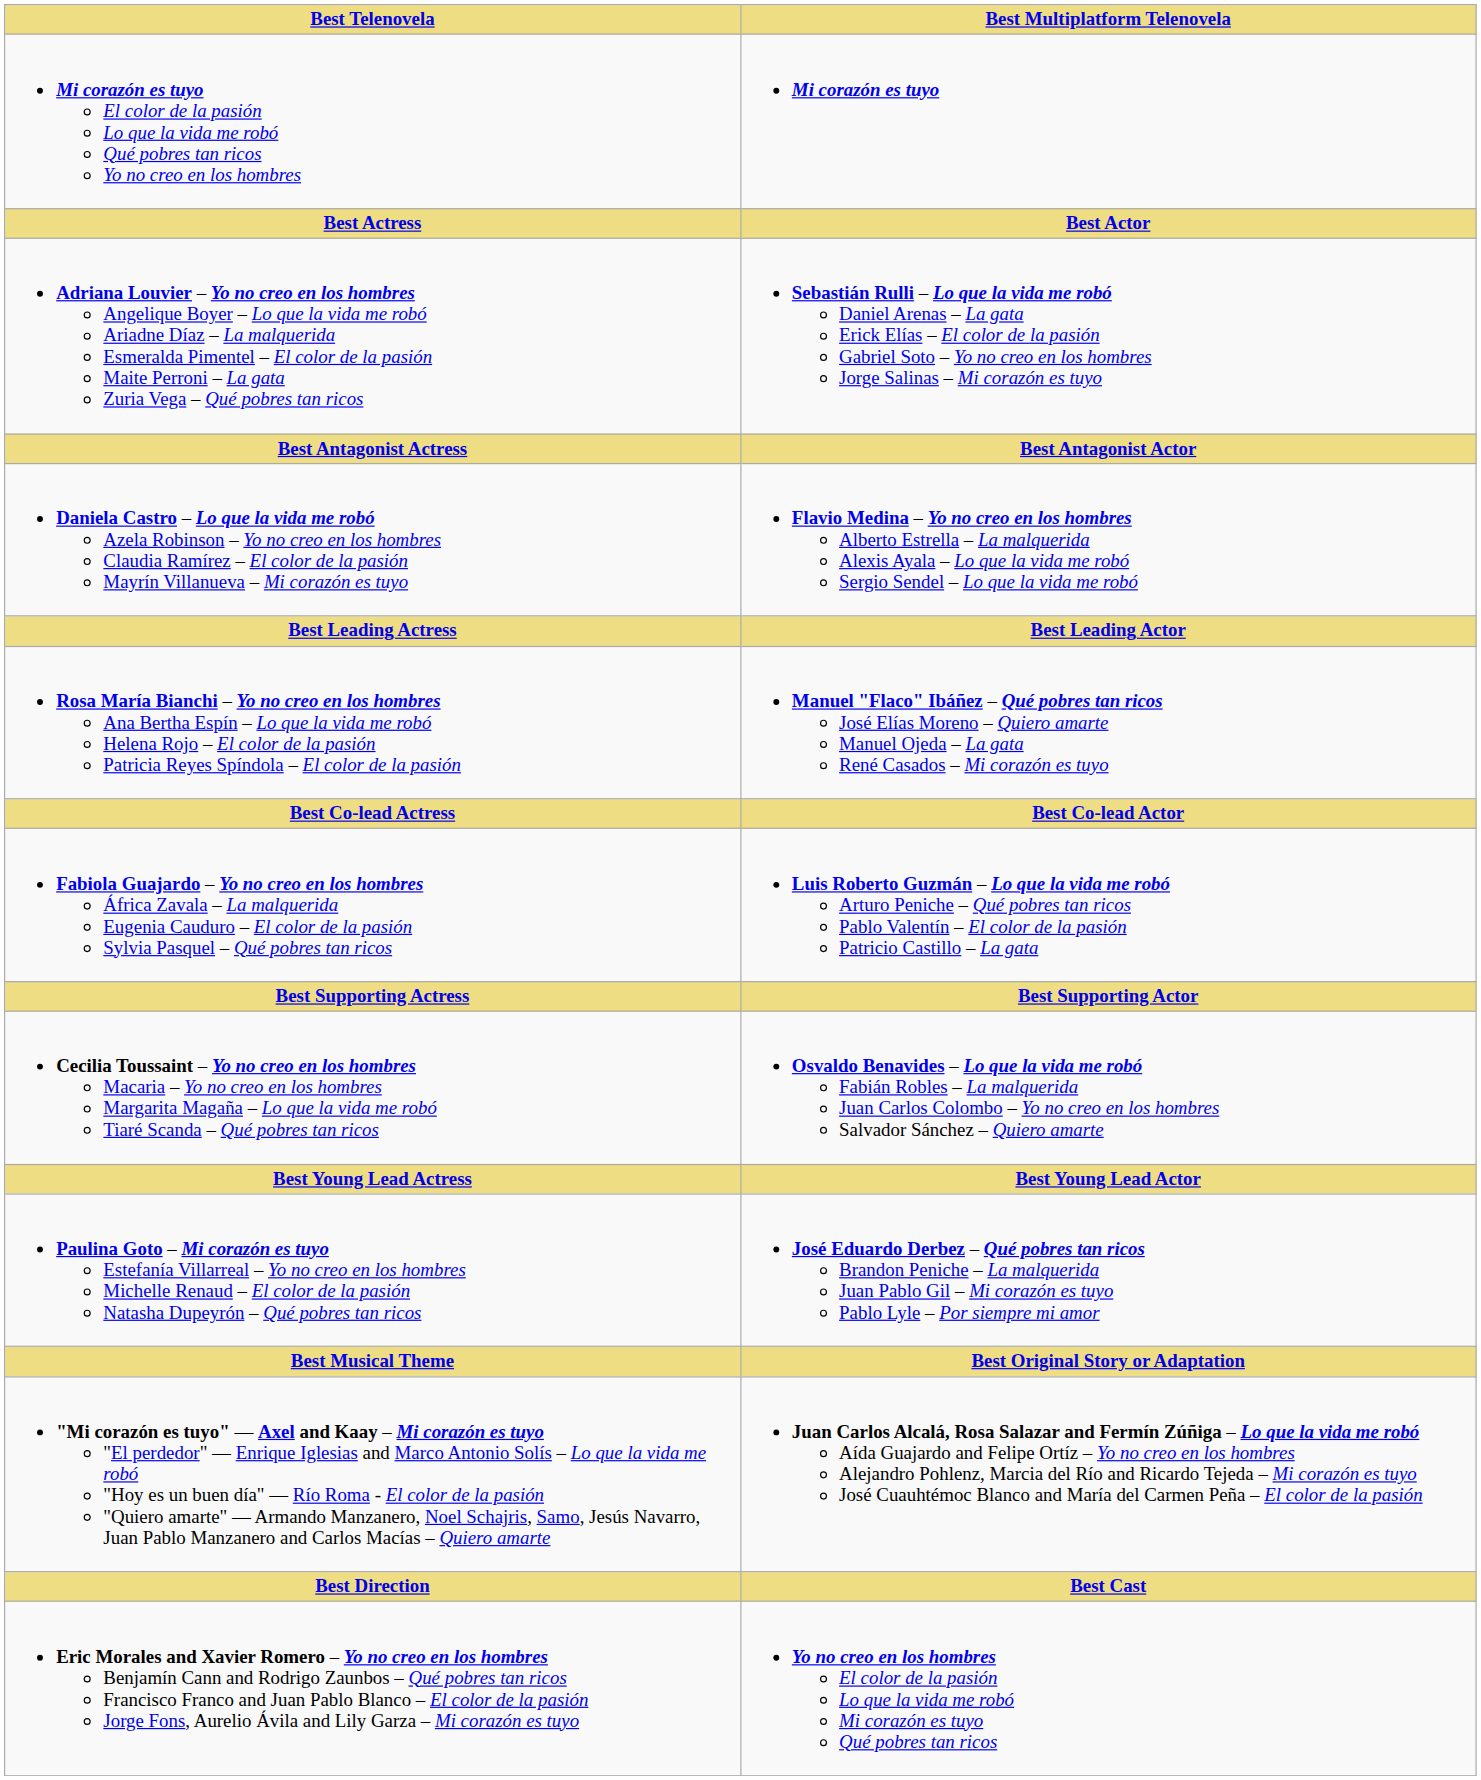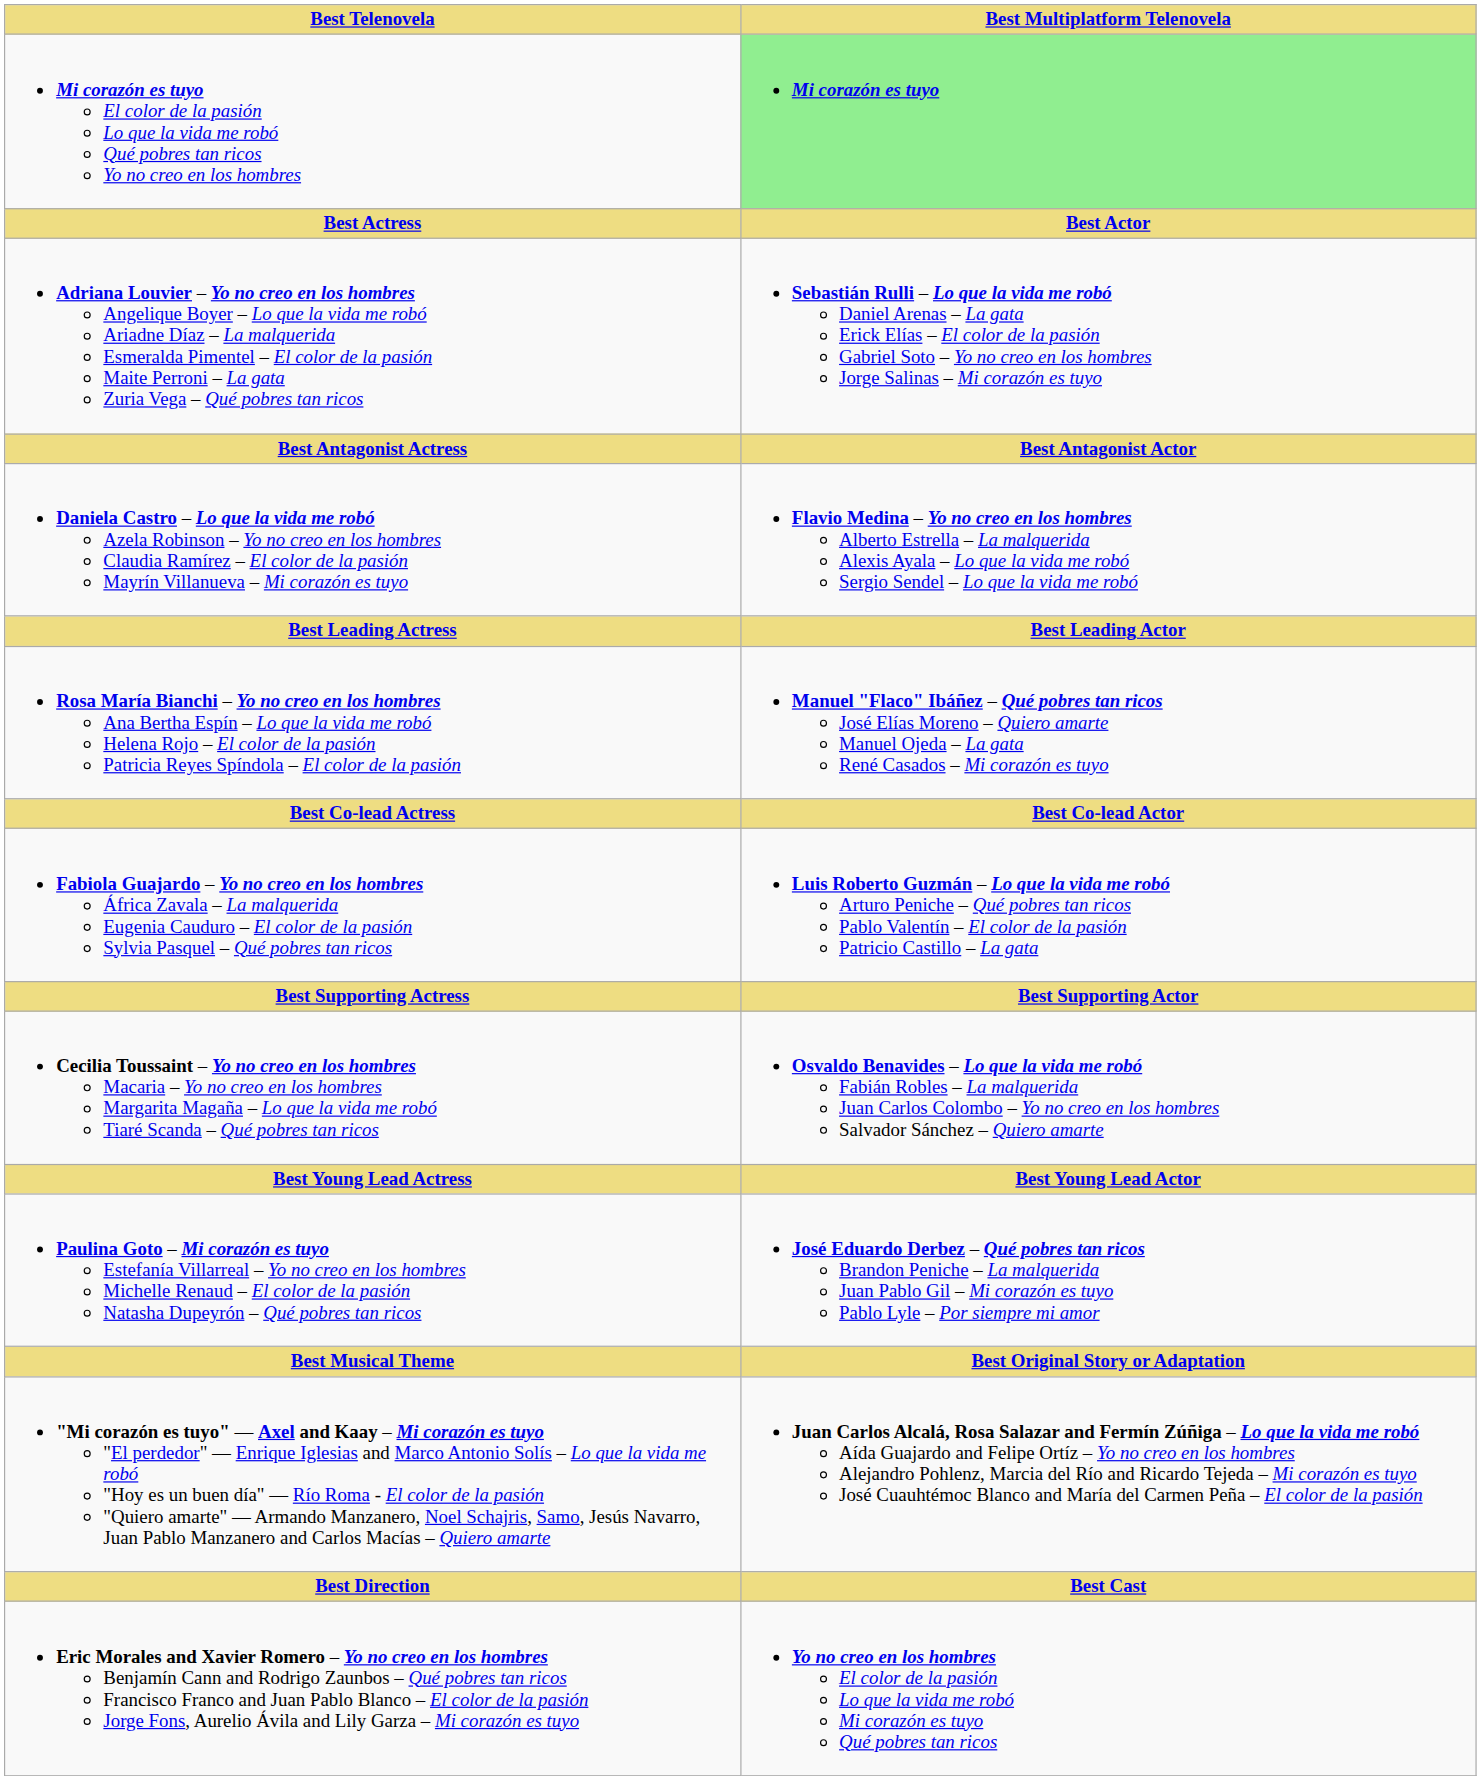 <table class="wikitable">
 <tr>
 <th style="background:#EEDD82; width:50%"><a href='#'>Best Telenovela</a></th>
 <th style="background:#EEDD82; width:50%"><a href='#'>Best Multiplatform Telenovela</a></th>
 </tr>
 <tr>
 <td valign="top"><br><ul><li><strong><em><a href='#'>Mi corazón es tuyo</a></em></strong><ul><li><em><a href='#'>El color de la pasión</a></em></li><li><em><a href='#'>Lo que la vida me robó</a></em></li><li><em><a href='#'>Qué pobres tan ricos</a></em></li><li><em><a href='#'>Yo no creo en los hombres</a></em></li></ul></li></ul></td>
-<td valign="top"><br><ul><li><strong><em><a href='#'>Mi corazón es tuyo</a></em></strong></li></ul></td>
+<td valign="top" style="background: lightgreen;"><br><ul><li><strong><em><a href='#'>Mi corazón es tuyo</a></em></strong></li></ul></td>
 </tr>
 <tr>
 <th style="background:#EEDD82; width:50%"><a href='#'>Best Actress</a></th>
 <th style="background:#EEDD82; width:50%"><a href='#'>Best Actor</a></th>
 </tr>
 <tr>
 <td valign="top"><br><ul><li><strong><a href='#'>Adriana Louvier</a></strong> – <strong><em><a href='#'>Yo no creo en los hombres</a></em></strong><ul><li><a href='#'>Angelique Boyer</a> – <em><a href='#'>Lo que la vida me robó</a></em></li><li><a href='#'>Ariadne Díaz</a> – <em><a href='#'>La malquerida</a></em></li><li><a href='#'>Esmeralda Pimentel</a> – <em><a href='#'>El color de la pasión</a></em></li><li><a href='#'>Maite Perroni</a> – <em><a href='#'>La gata</a></em></li><li><a href='#'>Zuria Vega</a> – <em><a href='#'>Qué pobres tan ricos</a></em></li></ul></li></ul></td>
 <td valign="top"><br><ul><li><strong><a href='#'>Sebastián Rulli</a></strong> – <strong><em><a href='#'>Lo que la vida me robó</a></em></strong><ul><li><a href='#'>Daniel Arenas</a> – <em><a href='#'>La gata</a></em></li><li><a href='#'>Erick Elías</a> – <em><a href='#'>El color de la pasión</a></em></li><li><a href='#'>Gabriel Soto</a> – <em><a href='#'>Yo no creo en los hombres</a></em></li><li><a href='#'>Jorge Salinas</a> – <em><a href='#'>Mi corazón es tuyo</a></em></li></ul></li></ul></td>
 </tr>
 <tr>
 <th style="background:#EEDD82; width:50%"><a href='#'>Best Antagonist Actress</a></th>
 <th style="background:#EEDD82; width:50%"><a href='#'>Best Antagonist Actor</a></th>
 </tr>
 <tr>
 <td valign="top"><br><ul><li><strong><a href='#'>Daniela Castro</a></strong> – <strong><em><a href='#'>Lo que la vida me robó</a></em></strong><ul><li><a href='#'>Azela Robinson</a> – <em><a href='#'>Yo no creo en los hombres</a></em></li><li><a href='#'>Claudia Ramírez</a> – <em><a href='#'>El color de la pasión</a></em></li><li><a href='#'>Mayrín Villanueva</a> – <em><a href='#'>Mi corazón es tuyo</a></em></li></ul></li></ul></td>
 <td valign="top"><br><ul><li><strong><a href='#'>Flavio Medina</a></strong> – <strong><em><a href='#'>Yo no creo en los hombres</a></em></strong><ul><li><a href='#'>Alberto Estrella</a> – <em><a href='#'>La malquerida</a></em></li><li><a href='#'>Alexis Ayala</a> – <em><a href='#'>Lo que la vida me robó</a></em></li><li><a href='#'>Sergio Sendel</a> – <em><a href='#'>Lo que la vida me robó</a></em></li></ul></li></ul></td>
 </tr>
 <tr>
 <th style="background:#EEDD82; width:50%"><a href='#'>Best Leading Actress</a></th>
 <th style="background:#EEDD82; width:50%"><a href='#'>Best Leading Actor</a></th>
 </tr>
 <tr>
 <td valign="top"><br><ul><li><strong><a href='#'>Rosa María Bianchi</a></strong> – <strong><em><a href='#'>Yo no creo en los hombres</a></em></strong><ul><li><a href='#'>Ana Bertha Espín</a> – <em><a href='#'>Lo que la vida me robó</a></em></li><li><a href='#'>Helena Rojo</a> – <em><a href='#'>El color de la pasión</a></em></li><li><a href='#'>Patricia Reyes Spíndola</a> – <em><a href='#'>El color de la pasión</a></em></li></ul></li></ul></td>
 <td valign="top"><br><ul><li><strong><a href='#'>Manuel "Flaco" Ibáñez</a></strong> – <strong><em><a href='#'>Qué pobres tan ricos</a></em></strong><ul><li><a href='#'>José Elías Moreno</a> – <em><a href='#'>Quiero amarte</a></em></li><li><a href='#'>Manuel Ojeda</a> – <em><a href='#'>La gata</a></em></li><li><a href='#'>René Casados</a> – <em><a href='#'>Mi corazón es tuyo</a></em></li></ul></li></ul></td>
 </tr>
 <tr>
 <th style="background:#EEDD82; width:50%"><a href='#'>Best Co-lead Actress</a></th>
 <th style="background:#EEDD82; width:50%"><a href='#'>Best Co-lead Actor</a></th>
 </tr>
 <tr>
 <td valign="top"><br><ul><li><strong><a href='#'>Fabiola Guajardo</a></strong> – <strong><em><a href='#'>Yo no creo en los hombres</a></em></strong><ul><li><a href='#'>África Zavala</a> – <em><a href='#'>La malquerida</a></em></li><li><a href='#'>Eugenia Cauduro</a> – <em><a href='#'>El color de la pasión</a></em></li><li><a href='#'>Sylvia Pasquel</a> – <em><a href='#'>Qué pobres tan ricos</a></em></li></ul></li></ul></td>
 <td valign="top"><br><ul><li><strong><a href='#'>Luis Roberto Guzmán</a></strong> – <strong><em><a href='#'>Lo que la vida me robó</a></em></strong><ul><li><a href='#'>Arturo Peniche</a> – <em><a href='#'>Qué pobres tan ricos</a></em></li><li><a href='#'>Pablo Valentín</a> – <em><a href='#'>El color de la pasión</a></em></li><li><a href='#'>Patricio Castillo</a> – <em><a href='#'>La gata</a></em></li></ul></li></ul></td>
 </tr>
 <tr>
 <th style="background:#EEDD82; width:50%"><a href='#'>Best Supporting Actress</a></th>
 <th style="background:#EEDD82; width:50%"><a href='#'>Best Supporting Actor</a></th>
 </tr>
 <tr>
 <td valign="top"><br><ul><li><strong>Cecilia Toussaint</strong> – <strong><em><a href='#'>Yo no creo en los hombres</a></em></strong><ul><li><a href='#'>Macaria</a> – <em><a href='#'>Yo no creo en los hombres</a></em></li><li><a href='#'>Margarita Magaña</a> – <em><a href='#'>Lo que la vida me robó</a></em></li><li><a href='#'>Tiaré Scanda</a> – <em><a href='#'>Qué pobres tan ricos</a></em></li></ul></li></ul></td>
 <td valign="top"><br><ul><li><strong><a href='#'>Osvaldo Benavides</a></strong> – <strong><em><a href='#'>Lo que la vida me robó</a></em></strong><ul><li><a href='#'>Fabián Robles</a> – <em><a href='#'>La malquerida</a></em></li><li><a href='#'>Juan Carlos Colombo</a> – <em><a href='#'>Yo no creo en los hombres</a></em></li><li>Salvador Sánchez – <em><a href='#'>Quiero amarte</a></em></li></ul></li></ul></td>
 </tr>
 <tr>
 <th style="background:#EEDD82; width:50%"><a href='#'>Best Young Lead Actress</a></th>
 <th style="background:#EEDD82; width:50%"><a href='#'>Best Young Lead Actor</a></th>
 </tr>
 <tr>
 <td valign="top"><br><ul><li><strong><a href='#'>Paulina Goto</a></strong> – <strong><em><a href='#'>Mi corazón es tuyo</a></em></strong><ul><li><a href='#'>Estefanía Villarreal</a> – <em><a href='#'>Yo no creo en los hombres</a></em></li><li><a href='#'>Michelle Renaud</a> – <em><a href='#'>El color de la pasión</a></em></li><li><a href='#'>Natasha Dupeyrón</a> – <em><a href='#'>Qué pobres tan ricos</a></em></li></ul></li></ul></td>
 <td valign="top"><br><ul><li><strong><a href='#'>José Eduardo Derbez</a></strong> – <strong><em><a href='#'>Qué pobres tan ricos</a></em></strong><ul><li><a href='#'>Brandon Peniche</a>  – <em><a href='#'>La malquerida</a></em></li><li><a href='#'>Juan Pablo Gil</a> – <em><a href='#'>Mi corazón es tuyo</a></em></li><li><a href='#'>Pablo Lyle</a> – <em><a href='#'>Por siempre mi amor</a></em></li></ul></li></ul></td>
 </tr>
 <tr>
 <th style="background:#EEDD82; width:50%"><a href='#'>Best Musical Theme</a></th>
 <th style="background:#EEDD82; width:50%"><a href='#'>Best Original Story or Adaptation</a></th>
 </tr>
 <tr>
 <td valign="top"><br><ul><li><strong>"Mi corazón es tuyo"</strong> — <strong><a href='#'>Axel</a> and Kaay</strong> – <strong><em><a href='#'>Mi corazón es tuyo</a></em></strong><ul><li>"<a href='#'>El perdedor</a>" — <a href='#'>Enrique Iglesias</a> and <a href='#'>Marco Antonio Solís</a> – <em><a href='#'>Lo que la vida me robó</a></em></li><li>"Hoy es un buen día" — <a href='#'>Río Roma</a> - <em><a href='#'>El color de la pasión</a></em></li><li>"Quiero amarte" — Armando Manzanero, <a href='#'>Noel Schajris</a>, <a href='#'>Samo</a>, Jesús Navarro, Juan Pablo Manzanero and Carlos Macías – <em><a href='#'>Quiero amarte</a></em></li></ul></li></ul></td>
 <td valign="top"><br><ul><li><strong>Juan Carlos Alcalá, Rosa Salazar and Fermín Zúñiga</strong> – <strong><em><a href='#'>Lo que la vida me robó</a></em></strong>  <ul><li>Aída Guajardo and Felipe Ortíz – <em><a href='#'>Yo no creo en los hombres</a></em></li><li>Alejandro Pohlenz, Marcia del Río and Ricardo Tejeda – <em><a href='#'>Mi corazón es tuyo</a></em></li><li>José Cuauhtémoc Blanco and María del Carmen Peña – <em><a href='#'>El color de la pasión</a></em></li></ul></li></ul></td>
 </tr>
 <tr>
 <th style="background:#EEDD82; width:50%"><a href='#'>Best Direction</a></th>
 <th style="background:#EEDD82; width:50%"><a href='#'>Best Cast</a></th>
 </tr>
 <tr>
 <td valign="top"><br><ul><li><strong>Eric Morales and Xavier Romero</strong> – <strong><em><a href='#'>Yo no creo en los hombres</a></em></strong><ul><li>Benjamín Cann and Rodrigo Zaunbos – <em><a href='#'>Qué pobres tan ricos</a></em></li><li>Francisco Franco and Juan Pablo Blanco – <em><a href='#'>El color de la pasión</a></em></li><li><a href='#'>Jorge Fons</a>, Aurelio Ávila and Lily Garza – <em><a href='#'>Mi corazón es tuyo</a></em></li></ul></li></ul></td>
 <td valign="top"><br><ul><li><strong><em><a href='#'>Yo no creo en los hombres</a></em></strong><ul><li><em><a href='#'>El color de la pasión</a></em></li><li><em><a href='#'>Lo que la vida me robó</a></em></li><li><em><a href='#'>Mi corazón es tuyo</a></em></li><li><em><a href='#'>Qué pobres tan ricos</a></em></li></ul></li></ul></td>
 </tr>
 </table>
